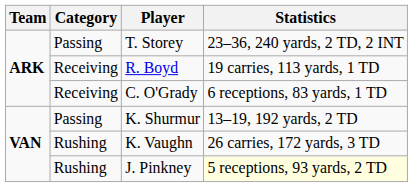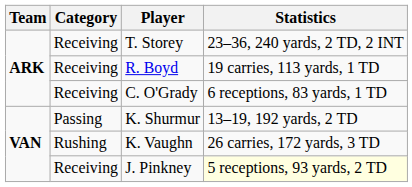 <table class="wikitable" style="float: right;">
 <tr>
 <th>Team</th>
 <th>Category</th>
 <th>Player</th>
 <th>Statistics</th>
 </tr>
 <tr>
 <td rowspan=3><strong>ARK</strong></td>
-<td>Passing</td>
+<td>Receiving</td>
 <td>T. Storey</td>
 <td>23–36, 240 yards, 2 TD, 2 INT</td>
 </tr>
 <tr>
 <td>Receiving</td>
 <td><a href='#'>R. Boyd</a></td>
 <td>19 carries, 113 yards, 1 TD</td>
 </tr>
 <tr>
 <td>Receiving</td>
 <td>C. O'Grady</td>
 <td>6 receptions, 83 yards, 1 TD</td>
 </tr>
 <tr>
 <td rowspan=3><strong>VAN</strong></td>
 <td>Passing</td>
 <td>K. Shurmur</td>
 <td>13–19, 192 yards, 2 TD</td>
 </tr>
 <tr>
 <td>Rushing</td>
 <td>K. Vaughn</td>
 <td>26 carries, 172 yards, 3 TD</td>
 </tr>
 <tr>
-<td>Rushing</td>
+<td>Receiving</td>
 <td>J. Pinkney</td>
 <td style="background: lightyellow;">5 receptions, 93 yards, 2 TD</td>
 </tr>
 </table>
